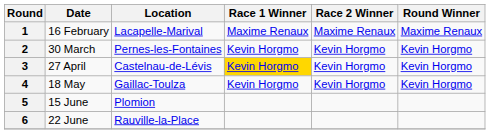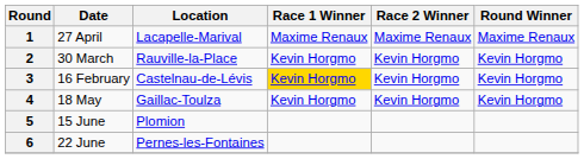 <table class="wikitable" style="font-size: 85%;">
 <tr>
 <th>Round</th>
 <th>Date</th>
 <th>Location</th>
 <th>Race 1 Winner</th>
 <th>Race 2 Winner</th>
 <th>Round Winner</th>
 </tr>
 <tr>
 <th>1</th>
-<td>16 February</td>
+<td>27 April</td>
 <td> <a href='#'>Lacapelle-Marival</a></td>
 <td> <a href='#'>Maxime Renaux</a></td>
 <td> <a href='#'>Maxime Renaux</a></td>
 <td> <a href='#'>Maxime Renaux</a></td>
 </tr>
 <tr>
 <th>2</th>
 <td>30 March</td>
-<td> <a href='#'>Pernes-les-Fontaines</a></td>
+<td> <a href='#'>Rauville-la-Place</a></td>
 <td> <a href='#'>Kevin Horgmo</a></td>
 <td> <a href='#'>Kevin Horgmo</a></td>
 <td> <a href='#'>Kevin Horgmo</a></td>
 </tr>
 <tr>
 <th>3</th>
-<td>27 April</td>
+<td>16 February</td>
 <td> <a href='#'>Castelnau-de-Lévis</a></td>
 <td style="background: gold;"> <a href='#'>Kevin Horgmo</a></td>
 <td> <a href='#'>Kevin Horgmo</a></td>
 <td> <a href='#'>Kevin Horgmo</a></td>
 </tr>
 <tr>
 <th>4</th>
 <td>18 May</td>
 <td> <a href='#'>Gaillac-Toulza</a></td>
 <td> <a href='#'>Kevin Horgmo</a></td>
 <td> <a href='#'>Kevin Horgmo</a></td>
 <td> <a href='#'>Kevin Horgmo</a></td>
 </tr>
 <tr>
 <th>5</th>
 <td>15 June</td>
 <td> <a href='#'>Plomion</a></td>
 <td></td>
 <td></td>
 <td></td>
 </tr>
 <tr>
 <th>6</th>
 <td>22 June</td>
-<td> <a href='#'>Rauville-la-Place</a></td>
+<td> <a href='#'>Pernes-les-Fontaines</a></td>
 <td></td>
 <td></td>
 <td></td>
 </tr>
 <tr>
 </tr>
 </table>
